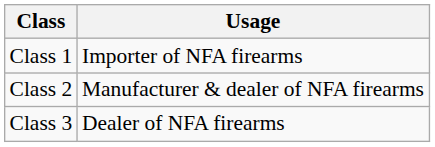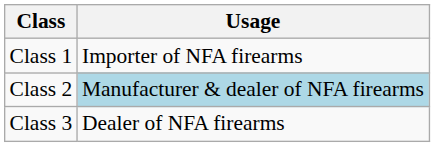 <table class="wikitable">
 <tr>
 <th>Class</th>
 <th>Usage</th>
 </tr>
 <tr>
 <td>Class 1</td>
 <td>Importer of NFA firearms</td>
 </tr>
 <tr>
 <td>Class 2</td>
-<td>Manufacturer & dealer of NFA firearms</td>
+<td style="background: lightblue;">Manufacturer & dealer of NFA firearms</td>
 </tr>
 <tr>
 <td>Class 3</td>
 <td>Dealer of NFA firearms</td>
 </tr>
 </table>
